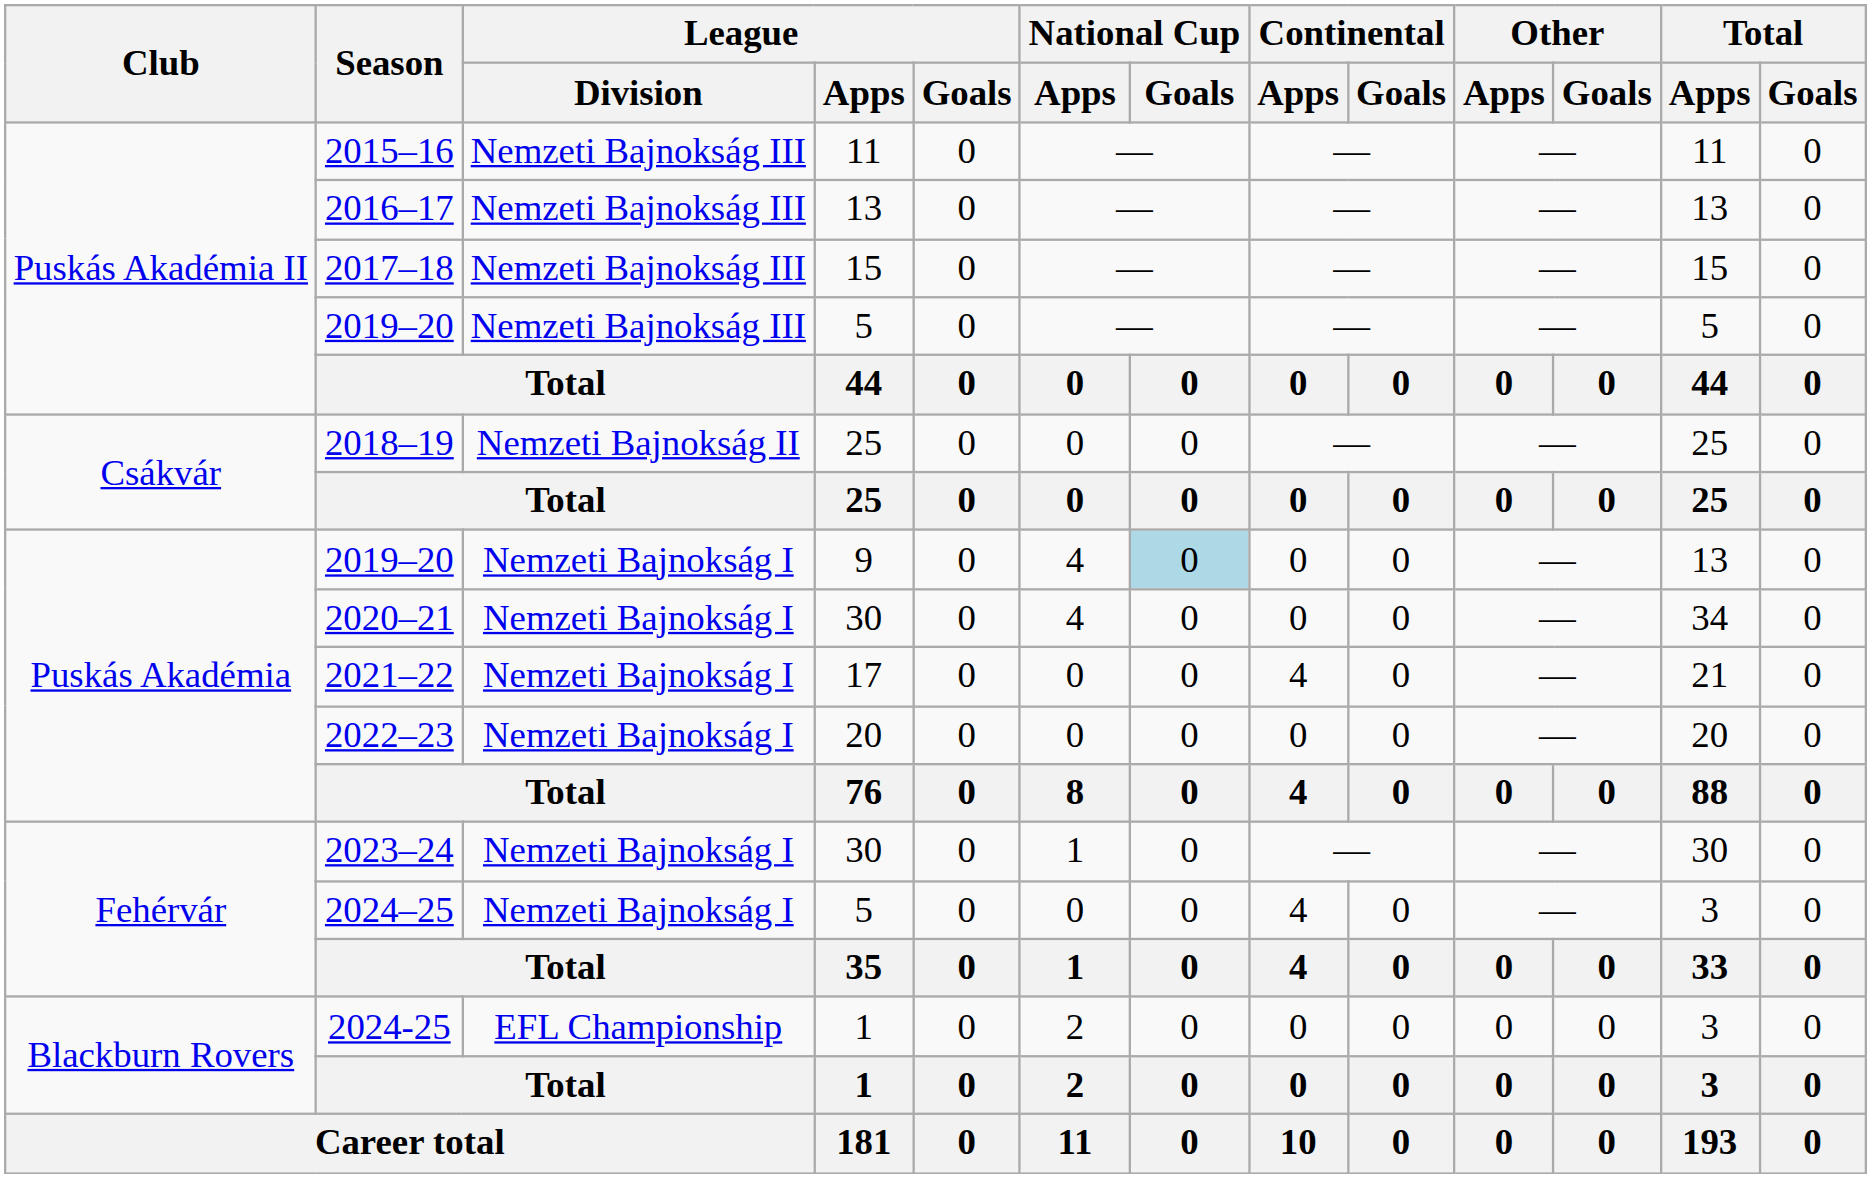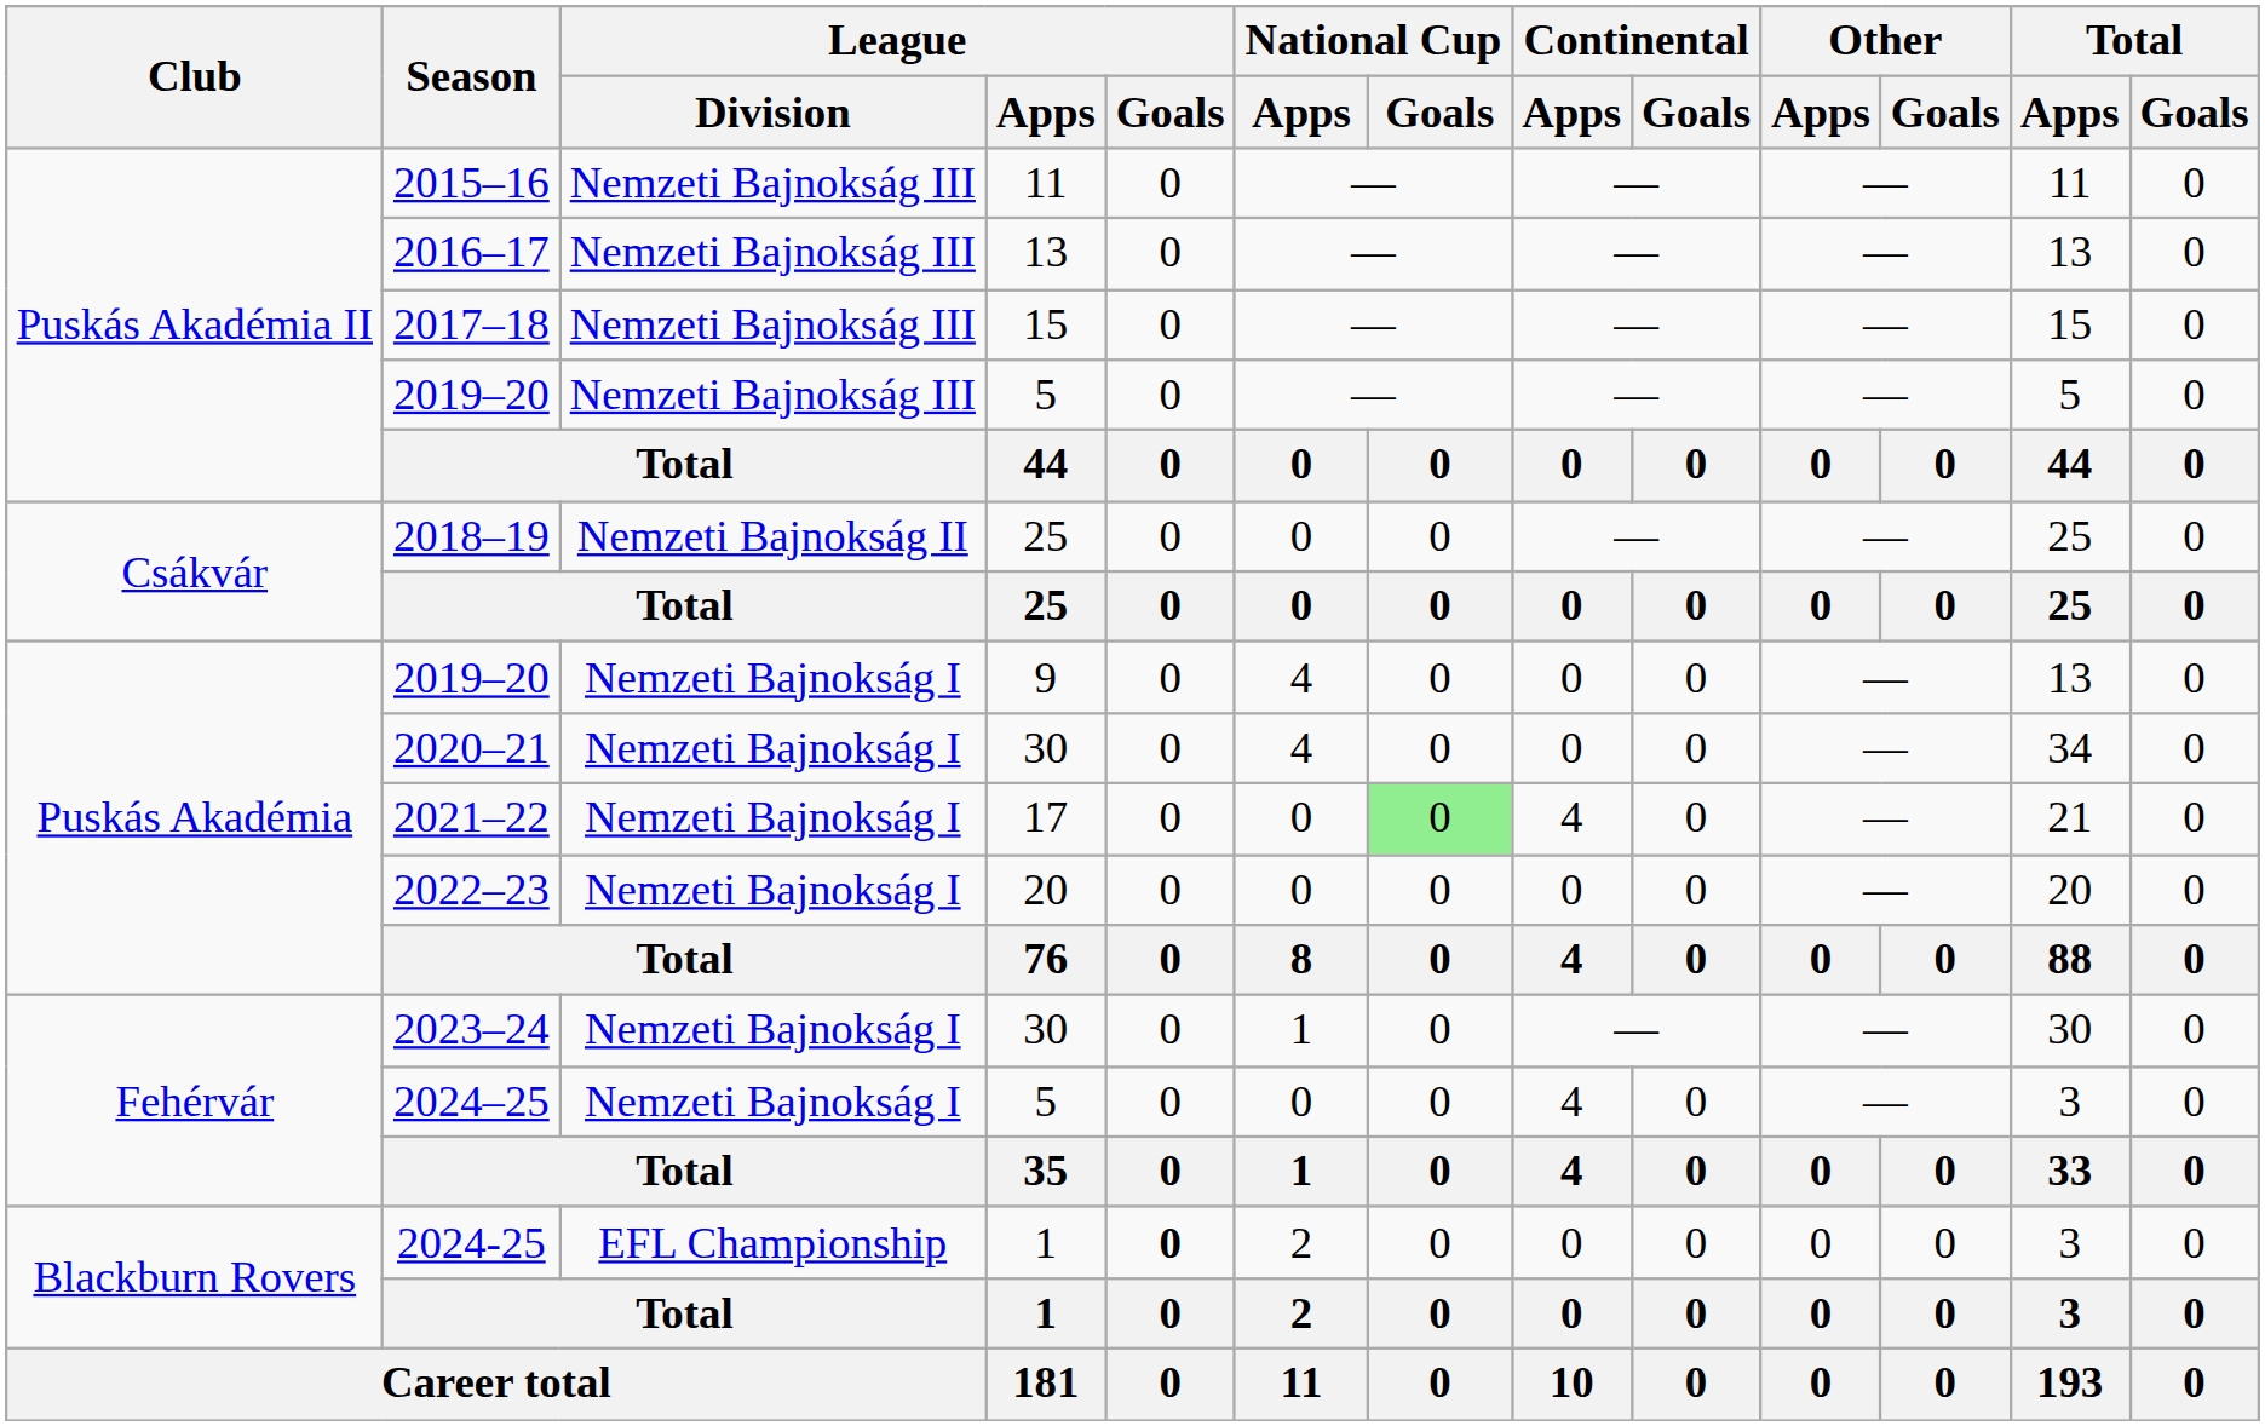 <table class="wikitable" style="text-align:center">
 <tr>
 <th rowspan="2">Club</th>
 <th rowspan="2">Season</th>
 <th colspan="3">League</th>
 <th colspan="2">National Cup</th>
 <th colspan="2">Continental</th>
 <th colspan="2">Other</th>
 <th colspan="2">Total</th>
 </tr>
 <tr>
 <th>Division</th>
 <th>Apps</th>
 <th>Goals</th>
 <th>Apps</th>
 <th>Goals</th>
 <th>Apps</th>
 <th>Goals</th>
 <th>Apps</th>
 <th>Goals</th>
 <th>Apps</th>
 <th>Goals</th>
 </tr>
 <tr>
 <td rowspan="5"><a href='#'>Puskás Akadémia II</a></td>
 <td><a href='#'>2015–16</a></td>
 <td><a href='#'>Nemzeti Bajnokság III</a></td>
 <td>11</td>
 <td>0</td>
 <td colspan="2">—</td>
 <td colspan="2">—</td>
 <td colspan="2">—</td>
 <td>11</td>
 <td>0</td>
 </tr>
 <tr>
 <td><a href='#'>2016–17</a></td>
 <td><a href='#'>Nemzeti Bajnokság III</a></td>
 <td>13</td>
 <td>0</td>
 <td colspan="2">—</td>
 <td colspan="2">—</td>
 <td colspan="2">—</td>
 <td>13</td>
 <td>0</td>
 </tr>
 <tr>
 <td><a href='#'>2017–18</a></td>
 <td><a href='#'>Nemzeti Bajnokság III</a></td>
 <td>15</td>
 <td>0</td>
 <td colspan="2">—</td>
 <td colspan="2">—</td>
 <td colspan="2">—</td>
 <td>15</td>
 <td>0</td>
 </tr>
 <tr>
 <td><a href='#'>2019–20</a></td>
 <td><a href='#'>Nemzeti Bajnokság III</a></td>
 <td>5</td>
 <td>0</td>
 <td colspan="2">—</td>
 <td colspan="2">—</td>
 <td colspan="2">—</td>
 <td>5</td>
 <td>0</td>
 </tr>
 <tr>
 <th colspan="2">Total</th>
 <th>44</th>
 <th>0</th>
 <th>0</th>
 <th>0</th>
 <th>0</th>
 <th>0</th>
 <th>0</th>
 <th>0</th>
 <th>44</th>
 <th>0</th>
 </tr>
 <tr>
 <td rowspan="2"><a href='#'>Csákvár</a></td>
 <td><a href='#'>2018–19</a></td>
 <td><a href='#'>Nemzeti Bajnokság II</a></td>
 <td>25</td>
 <td>0</td>
 <td>0</td>
 <td>0</td>
 <td colspan="2">—</td>
 <td colspan="2">—</td>
 <td>25</td>
 <td>0</td>
 </tr>
 <tr>
 <th colspan="2">Total</th>
 <th>25</th>
 <th>0</th>
 <th>0</th>
 <th>0</th>
 <th>0</th>
 <th>0</th>
 <th>0</th>
 <th>0</th>
 <th>25</th>
 <th>0</th>
 </tr>
 <tr>
 <td rowspan="5"><a href='#'>Puskás Akadémia</a></td>
 <td><a href='#'>2019–20</a></td>
 <td><a href='#'>Nemzeti Bajnokság I</a></td>
 <td>9</td>
 <td>0</td>
 <td>4</td>
-<td style="background: lightblue;">0</td>
+<td>0</td>
 <td>0</td>
 <td>0</td>
 <td colspan="2">—</td>
 <td>13</td>
 <td>0</td>
 </tr>
 <tr>
 <td><a href='#'>2020–21</a></td>
 <td><a href='#'>Nemzeti Bajnokság I</a></td>
 <td>30</td>
 <td>0</td>
 <td>4</td>
 <td>0</td>
 <td>0</td>
 <td>0</td>
 <td colspan="2">—</td>
 <td>34</td>
 <td>0</td>
 </tr>
 <tr>
 <td><a href='#'>2021–22</a></td>
 <td><a href='#'>Nemzeti Bajnokság I</a></td>
 <td>17</td>
 <td>0</td>
 <td>0</td>
-<td>0</td>
+<td style="background: lightgreen;">0</td>
 <td>4</td>
 <td>0</td>
 <td colspan="2">—</td>
 <td>21</td>
 <td>0</td>
 </tr>
 <tr>
 <td><a href='#'>2022–23</a></td>
 <td><a href='#'>Nemzeti Bajnokság I</a></td>
 <td>20</td>
 <td>0</td>
 <td>0</td>
 <td>0</td>
 <td>0</td>
 <td>0</td>
 <td colspan="2">—</td>
 <td>20</td>
 <td>0</td>
 </tr>
 <tr>
 <th colspan="2">Total</th>
 <th>76</th>
 <th>0</th>
 <th>8</th>
 <th>0</th>
 <th>4</th>
 <th>0</th>
 <th>0</th>
 <th>0</th>
 <th>88</th>
 <th>0</th>
 </tr>
 <tr>
 <td rowspan="3"><a href='#'>Fehérvár</a></td>
 <td><a href='#'>2023–24</a></td>
 <td><a href='#'>Nemzeti Bajnokság I</a></td>
 <td>30</td>
 <td>0</td>
 <td>1</td>
 <td>0</td>
 <td colspan="2">—</td>
 <td colspan="2">—</td>
 <td>30</td>
 <td>0</td>
 </tr>
 <tr>
 <td><a href='#'>2024–25</a></td>
 <td><a href='#'>Nemzeti Bajnokság I</a></td>
 <td>5</td>
 <td>0</td>
 <td>0</td>
 <td>0</td>
 <td>4</td>
 <td>0</td>
 <td colspan="2">—</td>
 <td>3</td>
 <td>0</td>
 </tr>
 <tr>
 <th colspan="2">Total</th>
 <th>35</th>
 <th>0</th>
 <th>1</th>
 <th>0</th>
 <th>4</th>
 <th>0</th>
 <th>0</th>
 <th>0</th>
 <th>33</th>
 <th>0</th>
 </tr>
 <tr>
 <td rowspan="2"><a href='#'>Blackburn Rovers</a></td>
 <td><a href='#'>2024-25</a></td>
 <td><a href='#'>EFL Championship</a></td>
 <td>1</td>
-<td>0</td>
+<td><strong>0</strong></td>
 <td>2</td>
 <td>0</td>
 <td>0</td>
 <td>0</td>
 <td>0</td>
 <td>0</td>
 <td>3</td>
 <td>0</td>
 </tr>
 <tr>
 <th colspan="2">Total</th>
 <th>1</th>
 <th>0</th>
 <th>2</th>
 <th>0</th>
 <th>0</th>
 <th>0</th>
 <th>0</th>
 <th>0</th>
 <th>3</th>
 <th>0</th>
 </tr>
 <tr>
 <th colspan="3">Career total</th>
 <th>181</th>
 <th>0</th>
 <th>11</th>
 <th>0</th>
 <th>10</th>
 <th>0</th>
 <th>0</th>
 <th>0</th>
 <th>193</th>
 <th>0</th>
 </tr>
 </table>
